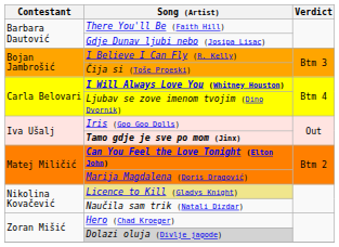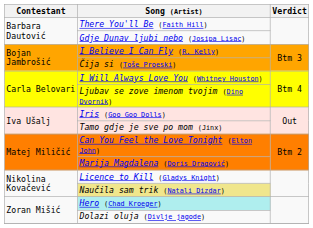 <table class="wikitable">
 <tr>
 <th width="110">Contestant</th>
 <th width="300">Song <small>(Artist)</small></th>
 <th width="28">Verdict</th>
 </tr>
 <tr>
 <td align="left" rowspan="2">Barbara Dautović</td>
 <td align="left"><em><a href='#'>There You'll Be</a></em> <small>(<a href='#'>Faith Hill</a>)</small></td>
 <td align="center" rowspan="2"></td>
 </tr>
 <tr>
 <td><em><a href='#'>Gdje Dunav ljubi nebo</a></em> <small>(<a href='#'>Josipa Lisac</a>)</small></td>
 </tr>
 <tr bgcolor="orange">
 <td align="left" rowspan="2">Bojan Jambrošić</td>
 <td align="left"><em><a href='#'>I Believe I Can Fly</a></em> <small>(<a href='#'>R. Kelly</a>)</small></td>
 <td align="center" rowspan="2">Btm 3</td>
 </tr>
 <tr bgcolor="orange">
 <td align="left" bgcolor="orange"><em>Čija si</em> <small>(<a href='#'>Toše Proeski</a>)</small></td>
 </tr>
 <tr bgcolor="yellow">
 <td align="left" rowspan="2">Carla Belovari</td>
-<td align="left"><strong><em><a href='#'>I Will Always Love You</a></em> <small>(<a href='#'>Whitney Houston</a>)</small></strong></td>
+<td align="left"><em><a href='#'>I Will Always Love You</a></em> <small>(<a href='#'>Whitney Houston</a>)</small></td>
 <td align="center" rowspan="2">Btm 4</td>
 </tr>
 <tr bgcolor="yellow">
 <td align="left" bgcolor="yellow"><em>Ljubav se zove imenom tvojim</em> <small>(<a href='#'>Dino Dvornik</a>)</small></td>
 </tr>
 <tr bgcolor="#FFE4E1">
 <td align="left" rowspan="2">Iva Ušalj</td>
 <td align="left"><em><a href='#'>Iris</a></em> <small>(<a href='#'>Goo Goo Dolls</a>)</small></td>
 <td align="center" rowspan="2">Out</td>
 </tr>
 <tr bgcolor="#FFE4E1">
-<td align="left" "#FFE4E1"><strong><em>Tamo gdje je sve po mom</em> <small>(Jinx)</small></strong></td>
+<td align="left" "#FFE4E1"><em>Tamo gdje je sve po mom</em> <small>(Jinx)</small></td>
 </tr>
 <tr bgcolor="#FF7F00">
 <td align="left" rowspan="2">Matej Miličić</td>
-<td align="left"><strong><em><a href='#'>Can You Feel the Love Tonight</a></em> <small>(<a href='#'>Elton John</a>)</small></strong></td>
+<td align="left"><em><a href='#'>Can You Feel the Love Tonight</a></em> <small>(<a href='#'>Elton John</a>)</small></td>
 <td align="center" rowspan="2">Btm 2</td>
 </tr>
 <tr bgcolor="#FF7F00">
 <td align="left"><em><a href='#'>Marija Magdalena</a></em> <small>(<a href='#'>Doris Dragović</a>)</small></td>
 </tr>
 <tr>
 <td align="left" rowspan="2">Nikolina Kovačević</td>
-<td align="left" style="background: khaki;"><em><a href='#'>Licence to Kill</a></em> <small>(<a href='#'>Gladys Knight</a>)</small></td>
+<td align="left"><em><a href='#'>Licence to Kill</a></em> <small>(<a href='#'>Gladys Knight</a>)</small></td>
 <td align="center" rowspan="2"></td>
 </tr>
 <tr>
-<td align="left"><em>Naučila sam trik</em> <small>(<a href='#'>Natali Dizdar</a>)</small></td>
+<td align="left" style="background: khaki;"><em>Naučila sam trik</em> <small>(<a href='#'>Natali Dizdar</a>)</small></td>
 </tr>
 <tr>
 <td align="left" rowspan="2">Zoran Mišić</td>
-<td align="left"><em><a href='#'>Hero</a></em> <small>(<a href='#'>Chad Kroeger</a>)</small></td>
+<td align="left" style="background: paleturquoise;"><em><a href='#'>Hero</a></em> <small>(<a href='#'>Chad Kroeger</a>)</small></td>
 <td align="center" rowspan="2"></td>
 </tr>
 <tr>
-<td align="left" style="background: lightgrey;"><em>Dolazi oluja</em> <small>(<a href='#'>Divlje jagode</a>)</small></td>
+<td align="left"><em>Dolazi oluja</em> <small>(<a href='#'>Divlje jagode</a>)</small></td>
 </tr>
 <tr>
 </tr>
 </table>
